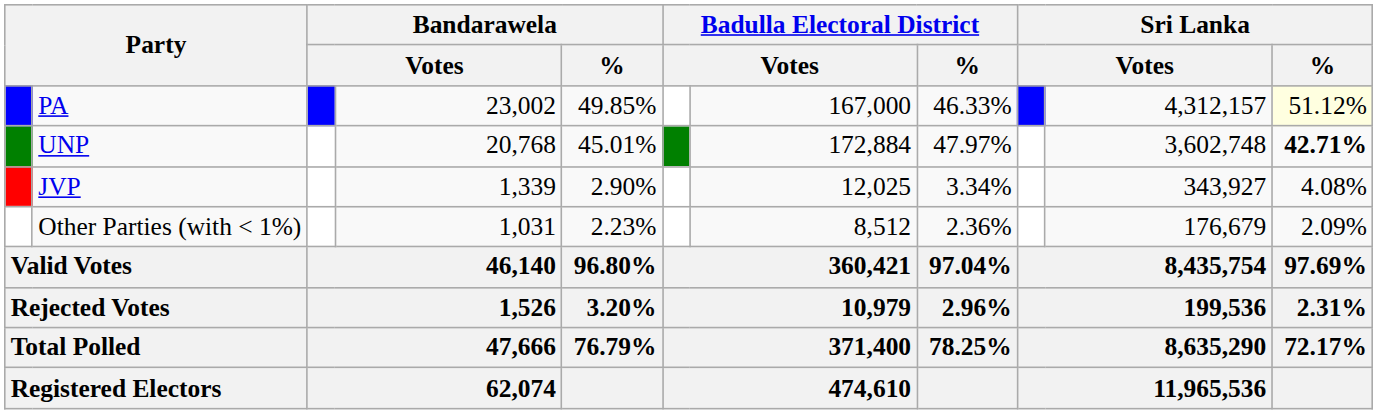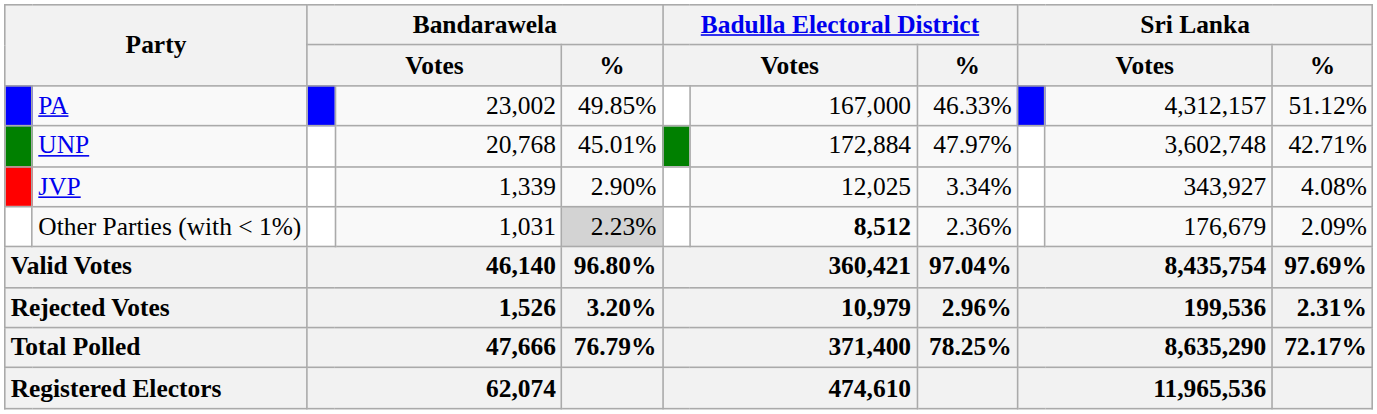 <table class="wikitable">
 <tr>
 <th colspan="2" width="144px"rowspan="2">Party</th>
 <th colspan="3" width="216px">Bandarawela</th>
 <th colspan="3" width="216px"><a href='#'>Badulla Electoral District</a></th>
 <th colspan="3" width="216px">Sri Lanka</th>
 </tr>
 <tr>
 <th colspan="2" width="144px">Votes</th>
 <th>%</th>
 <th colspan="2" width="144px">Votes</th>
 <th>%</th>
 <th colspan="2" width="144px">Votes</th>
 <th>%</th>
 </tr>
 <tr>
 <td style="background-color:blue;" width="10px"></td>
 <td style="text-align:left;"><a href='#'>PA</a></td>
 <td style="background-color:blue;" width="10px"></td>
 <td style="text-align:right;">23,002</td>
 <td style="text-align:right;">49.85%</td>
 <td style="background-color:white;" width="10px"></td>
 <td style="text-align:right;">167,000</td>
 <td style="text-align:right;">46.33%</td>
 <td style="background-color:blue;" width="10px"></td>
 <td style="text-align:right;">4,312,157</td>
-<td style="background: lightyellow; text-align:right;">51.12%</td>
+<td style="text-align:right;">51.12%</td>
 </tr>
 <tr>
 <td style="background-color:green;" width="10px"></td>
 <td style="text-align:left;"><a href='#'>UNP</a></td>
 <td style="background-color:white;" width="10px"></td>
 <td style="text-align:right;">20,768</td>
 <td style="text-align:right;">45.01%</td>
 <td style="background-color:green;" width="10px"></td>
 <td style="text-align:right;">172,884</td>
 <td style="text-align:right;">47.97%</td>
 <td style="background-color:white;" width="10px"></td>
 <td style="text-align:right;">3,602,748</td>
-<td style="text-align:right;"><strong>42.71%</strong></td>
+<td style="text-align:right;">42.71%</td>
 </tr>
 <tr>
 <td style="background-color:red;" width="10px"></td>
 <td style="text-align:left;"><a href='#'>JVP</a></td>
 <td style="background-color:white;" width="10px"></td>
 <td style="text-align:right;">1,339</td>
 <td style="text-align:right;">2.90%</td>
 <td style="background-color:white;" width="10px"></td>
 <td style="text-align:right;">12,025</td>
 <td style="text-align:right;">3.34%</td>
 <td style="background-color:white;" width="10px"></td>
 <td style="text-align:right;">343,927</td>
 <td style="text-align:right;">4.08%</td>
 </tr>
 <tr>
 <td style="background-color:white;" width="10px"></td>
 <td style="text-align:left;">Other Parties (with < 1%)</td>
 <td style="background-color:white;" width="10px"></td>
 <td style="text-align:right;">1,031</td>
-<td style="text-align:right;">2.23%</td>
+<td style="background: lightgrey; text-align:right;">2.23%</td>
 <td style="background-color:white;" width="10px"></td>
-<td style="text-align:right;">8,512</td>
+<td style="text-align:right;"><strong>8,512</strong></td>
 <td style="text-align:right;">2.36%</td>
 <td style="background-color:white;" width="10px"></td>
 <td style="text-align:right;">176,679</td>
 <td style="text-align:right;">2.09%</td>
 </tr>
 <tr>
 <th colspan="2" width="144px"style="text-align:left;">Valid Votes</th>
 <th style="text-align:right;"colspan="2" width="144px">46,140</th>
 <th style="text-align:right;">96.80%</th>
 <th style="text-align:right;"colspan="2" width="144px">360,421</th>
 <th style="text-align:right;">97.04%</th>
 <th style="text-align:right;"colspan="2" width="144px">8,435,754</th>
 <th style="text-align:right;">97.69%</th>
 </tr>
 <tr>
 <th colspan="2" width="144px"style="text-align:left;">Rejected Votes</th>
 <th style="text-align:right;"colspan="2" width="144px">1,526</th>
 <th style="text-align:right;">3.20%</th>
 <th style="text-align:right;"colspan="2" width="144px">10,979</th>
 <th style="text-align:right;">2.96%</th>
 <th style="text-align:right;"colspan="2" width="144px">199,536</th>
 <th style="text-align:right;">2.31%</th>
 </tr>
 <tr>
 <th colspan="2" width="144px"style="text-align:left;">Total Polled</th>
 <th style="text-align:right;"colspan="2" width="144px">47,666</th>
 <th style="text-align:right;">76.79%</th>
 <th style="text-align:right;"colspan="2" width="144px">371,400</th>
 <th style="text-align:right;">78.25%</th>
 <th style="text-align:right;"colspan="2" width="144px">8,635,290</th>
 <th style="text-align:right;">72.17%</th>
 </tr>
 <tr>
 <th colspan="2" width="144px"style="text-align:left;">Registered Electors</th>
 <th style="text-align:right;"colspan="2" width="144px">62,074</th>
 <th></th>
 <th style="text-align:right;"colspan="2" width="144px">474,610</th>
 <th></th>
 <th style="text-align:right;"colspan="2" width="144px">11,965,536</th>
 <th></th>
 </tr>
 </table>
